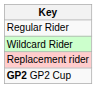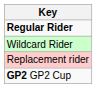 <table class="wikitable" style="font-size:85%;">
 <tr>
 <th>Key</th>
 </tr>
 <tr>
-<td>Regular Rider</td>
+<td><strong>Regular Rider</strong></td>
 </tr>
 <tr>
 <td style="background:#ccffcc;">Wildcard Rider</td>
 </tr>
 <tr>
 <td style="background:#ffcccc;">Replacement rider</td>
 </tr>
 <tr>
 <td align=left><strong><span>GP2</span></strong> GP2 Cup</td>
 </tr>
 </table>
